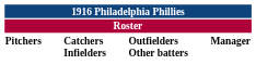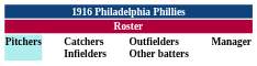 <table class="toccolours" style="font-size: 95%;">
 <tr>
 <th colspan="10" style="background-color: #0f437c; color: white; text-align: center;">1916 Philadelphia Phillies</th>
 </tr>
 <tr>
 <td colspan="10" style="background-color: #af0039; color: white; text-align: center;"><strong>Roster</strong></td>
 </tr>
 <tr>
-<td valign="top"><strong>Pitchers</strong><br>          </td>
+<td valign="top" style="background: paleturquoise;"><strong>Pitchers</strong><br>          </td>
 <td width="25px"></td>
 <td valign="top"><strong>Catchers</strong><br>   <strong>Infielders</strong>      </td>
 <td width="25px"></td>
 <td valign="top"><strong>Outfielders</strong><br>        <strong>Other batters</strong> </td>
 <td width="25px"></td>
 <td valign="top"><strong>Manager</strong><br></td>
 </tr>
 </table>
